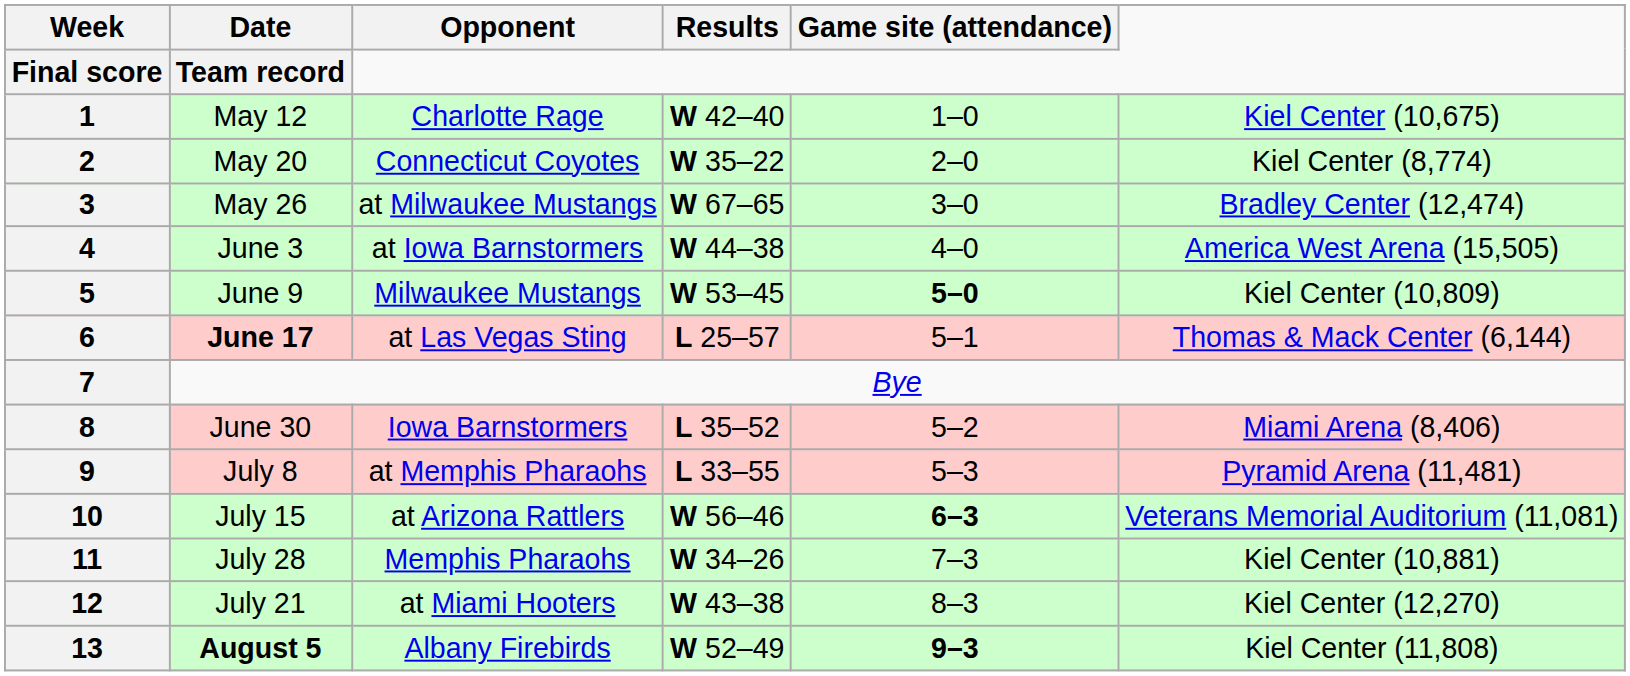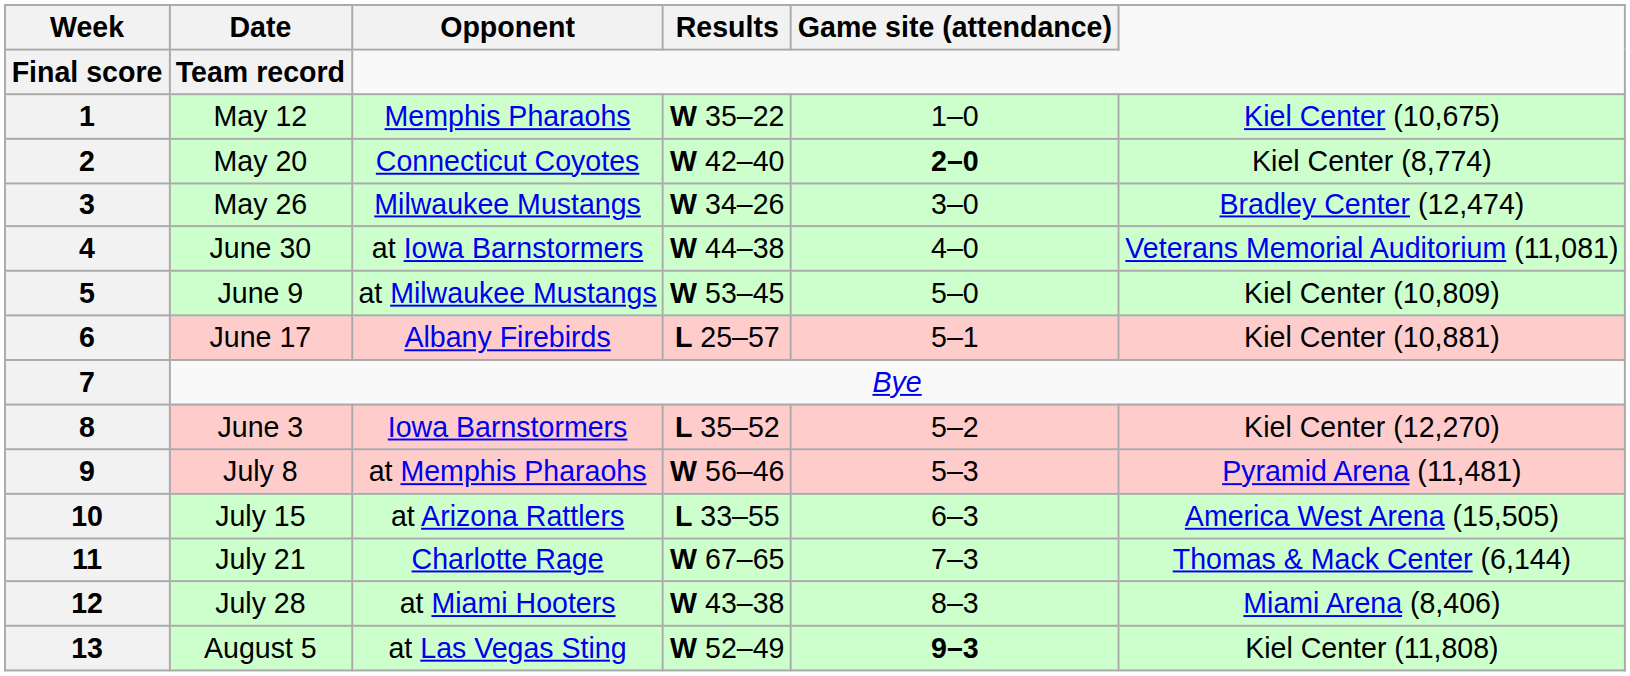 <table class="wikitable" style="font-size: 92%;" "align=center">
 <tr>
 <th>Week</th>
 <th>Date</th>
 <th>Opponent</th>
 <th>Results</th>
 <th>Game site (attendance)</th>
 </tr>
 <tr>
 <th>Final score</th>
 <th>Team record</th>
 </tr>
 <tr style="background:#cfc">
 <th>1</th>
 <td style="text-align:center;">May 12</td>
-<td style="text-align:center;"><a href='#'>Charlotte Rage</a></td>
-<td style="text-align:center;"><strong>W</strong> 42–40</td>
+<td style="text-align:center;"><a href='#'>Memphis Pharaohs</a></td>
+<td style="text-align:center;"><strong>W</strong> 35–22</td>
 <td style="text-align:center;">1–0</td>
 <td style="text-align:center;"><a href='#'>Kiel Center</a> (10,675)</td>
 </tr>
 <tr style="background:#cfc">
 <th>2</th>
 <td style="text-align:center;">May 20</td>
 <td style="text-align:center;"><a href='#'>Connecticut Coyotes</a></td>
-<td style="text-align:center;"><strong>W</strong> 35–22</td>
-<td style="text-align:center;">2–0</td>
+<td style="text-align:center;"><strong>W</strong> 42–40</td>
+<td style="text-align:center;"><strong>2–0</strong></td>
 <td style="text-align:center;">Kiel Center (8,774)</td>
 </tr>
 <tr style="background:#cfc">
 <th>3</th>
 <td style="text-align:center;">May 26</td>
-<td style="text-align:center;">at <a href='#'>Milwaukee Mustangs</a></td>
-<td style="text-align:center;"><strong>W</strong> 67–65</td>
+<td style="text-align:center;"><a href='#'>Milwaukee Mustangs</a></td>
+<td style="text-align:center;"><strong>W</strong> 34–26</td>
 <td style="text-align:center;">3–0</td>
 <td style="text-align:center;"><a href='#'>Bradley Center</a> (12,474)</td>
 </tr>
 <tr style="background:#cfc">
 <th>4</th>
-<td style="text-align:center;">June 3</td>
+<td style="text-align:center;">June 30</td>
 <td style="text-align:center;">at <a href='#'>Iowa Barnstormers</a></td>
 <td style="text-align:center;"><strong>W</strong> 44–38</td>
 <td style="text-align:center;">4–0</td>
-<td style="text-align:center;"><a href='#'>America West Arena</a> (15,505)</td>
+<td style="text-align:center;"><a href='#'>Veterans Memorial Auditorium</a> (11,081)</td>
 </tr>
 <tr style="background:#cfc">
 <th>5</th>
 <td style="text-align:center;">June 9</td>
-<td style="text-align:center;"><a href='#'>Milwaukee Mustangs</a></td>
+<td style="text-align:center;">at <a href='#'>Milwaukee Mustangs</a></td>
 <td style="text-align:center;"><strong>W</strong> 53–45</td>
-<td style="text-align:center;"><strong>5–0</strong></td>
+<td style="text-align:center;">5–0</td>
 <td style="text-align:center;">Kiel Center (10,809)</td>
 </tr>
 <tr style="background:#fcc">
 <th>6</th>
-<td style="text-align:center;"><strong>June 17</strong></td>
-<td style="text-align:center;">at <a href='#'>Las Vegas Sting</a></td>
+<td style="text-align:center;">June 17</td>
+<td style="text-align:center;"><a href='#'>Albany Firebirds</a></td>
 <td style="text-align:center;"><strong>L</strong> 25–57</td>
 <td style="text-align:center;">5–1</td>
-<td style="text-align:center;"><a href='#'>Thomas & Mack Center</a> (6,144)</td>
+<td style="text-align:center;">Kiel Center (10,881)</td>
 </tr>
 <tr style=>
 <th>7</th>
 <td colspan="8" style="text-align:center;"><em><a href='#'>Bye</a></em></td>
 </tr>
 <tr style="background:#fcc">
 <th>8</th>
-<td style="text-align:center;">June 30</td>
+<td style="text-align:center;">June 3</td>
 <td style="text-align:center;"><a href='#'>Iowa Barnstormers</a></td>
 <td style="text-align:center;"><strong>L</strong> 35–52</td>
 <td style="text-align:center;">5–2</td>
-<td style="text-align:center;"><a href='#'>Miami Arena</a> (8,406)</td>
+<td style="text-align:center;">Kiel Center (12,270)</td>
 </tr>
 <tr style="background:#fcc">
 <th>9</th>
 <td style="text-align:center;">July 8</td>
 <td style="text-align:center;">at <a href='#'>Memphis Pharaohs</a></td>
-<td style="text-align:center;"><strong>L</strong> 33–55</td>
+<td style="text-align:center;"><strong>W</strong> 56–46</td>
 <td style="text-align:center;">5–3</td>
 <td style="text-align:center;"><a href='#'>Pyramid Arena</a> (11,481)</td>
 </tr>
 <tr style="background:#cfc">
 <th>10</th>
 <td style="text-align:center;">July 15</td>
 <td style="text-align:center;">at <a href='#'>Arizona Rattlers</a></td>
-<td style="text-align:center;"><strong>W</strong> 56–46</td>
-<td style="text-align:center;"><strong>6–3</strong></td>
-<td style="text-align:center;"><a href='#'>Veterans Memorial Auditorium</a> (11,081)</td>
+<td style="text-align:center;"><strong>L</strong> 33–55</td>
+<td style="text-align:center;">6–3</td>
+<td style="text-align:center;"><a href='#'>America West Arena</a> (15,505)</td>
 </tr>
 <tr style="background:#cfc">
 <th>11</th>
-<td style="text-align:center;">July 28</td>
-<td style="text-align:center;"><a href='#'>Memphis Pharaohs</a></td>
-<td style="text-align:center;"><strong>W</strong> 34–26</td>
+<td style="text-align:center;">July 21</td>
+<td style="text-align:center;"><a href='#'>Charlotte Rage</a></td>
+<td style="text-align:center;"><strong>W</strong> 67–65</td>
 <td style="text-align:center;">7–3</td>
-<td style="text-align:center;">Kiel Center (10,881)</td>
+<td style="text-align:center;"><a href='#'>Thomas & Mack Center</a> (6,144)</td>
 </tr>
 <tr style="background:#cfc">
 <th>12</th>
-<td style="text-align:center;">July 21</td>
+<td style="text-align:center;">July 28</td>
 <td style="text-align:center;">at <a href='#'>Miami Hooters</a></td>
 <td style="text-align:center;"><strong>W</strong> 43–38</td>
 <td style="text-align:center;">8–3</td>
-<td style="text-align:center;">Kiel Center (12,270)</td>
+<td style="text-align:center;"><a href='#'>Miami Arena</a> (8,406)</td>
 </tr>
 <tr style="background:#cfc">
 <th>13</th>
-<td style="text-align:center;"><strong>August 5</strong></td>
-<td style="text-align:center;"><a href='#'>Albany Firebirds</a></td>
+<td style="text-align:center;">August 5</td>
+<td style="text-align:center;">at <a href='#'>Las Vegas Sting</a></td>
 <td style="text-align:center;"><strong>W</strong> 52–49</td>
 <td style="text-align:center;"><strong>9–3</strong></td>
 <td style="text-align:center;">Kiel Center (11,808)</td>
 </tr>
 </table>
